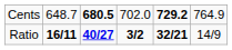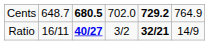 <table class="wikitable" style="text-align:center;">
 <tr>
 <td>Cents</td>
 <td>648.7</td>
 <td><strong>680.5</strong></td>
 <td>702.0</td>
 <td><strong>729.2</strong></td>
 <td>764.9</td>
 </tr>
 <tr>
 <td>Ratio</td>
-<td><strong>16/11</strong></td>
+<td>16/11</td>
 <td><strong><a href='#'>40/27</a></strong></td>
-<td><strong>3/2</strong></td>
+<td>3/2</td>
 <td><strong>32/21</strong></td>
 <td>14/9</td>
 </tr>
 </table>
